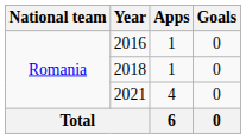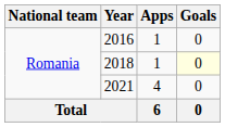 <table class="wikitable" style="text-align: center">
 <tr>
 <th>National team</th>
 <th>Year</th>
 <th>Apps</th>
 <th>Goals</th>
 </tr>
 <tr>
 <td rowspan="3"><a href='#'>Romania</a></td>
 <td>2016</td>
 <td>1</td>
 <td>0</td>
 </tr>
 <tr>
 <td>2018</td>
 <td>1</td>
-<td>0</td>
+<td style="background: lightyellow;">0</td>
 </tr>
 <tr>
 <td>2021</td>
 <td>4</td>
 <td>0</td>
 </tr>
 <tr>
 <th colspan=2>Total</th>
 <th>6</th>
 <th>0</th>
 </tr>
 </table>
